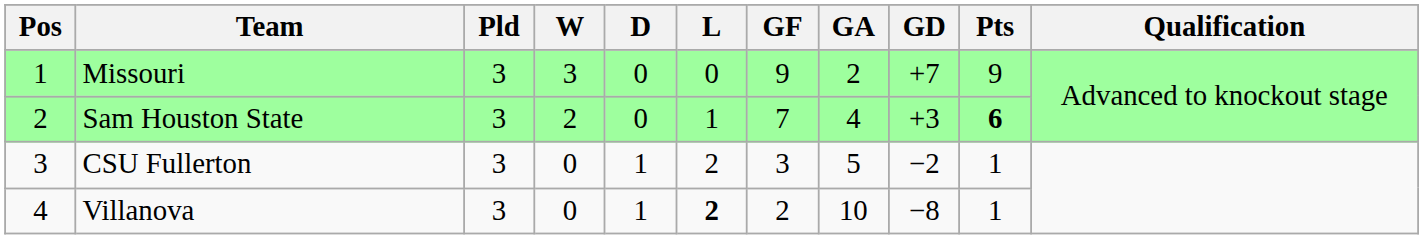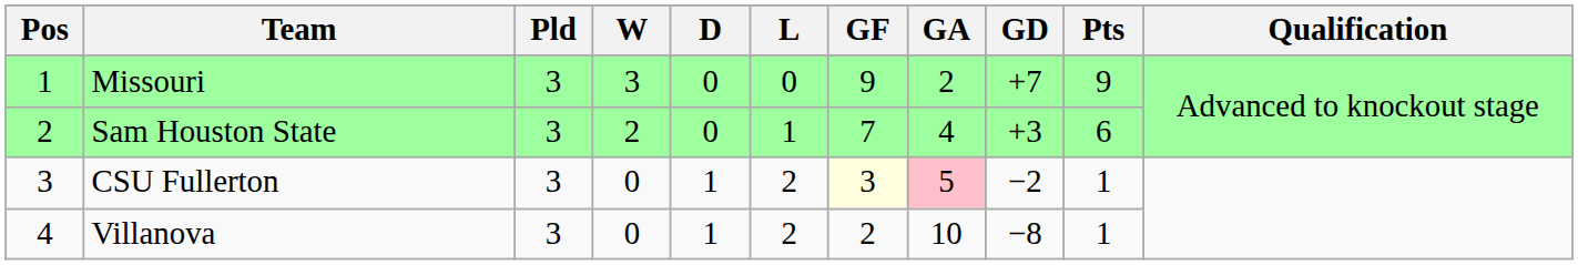 <table class="wikitable" style="text-align:center; margin: 1em auto">
 <tr>
 <th style="width:2em">Pos</th>
 <th style="width:13em">Team</th>
 <th style="width:2em">Pld</th>
 <th style="width:2em">W</th>
 <th style="width:2em">D</th>
 <th style="width:2em">L</th>
 <th style="width:2em">GF</th>
 <th style="width:2em">GA</th>
 <th style="width:2em">GD</th>
 <th style="width:2em">Pts</th>
 <th style="width:13em">Qualification</th>
 </tr>
 <tr bgcolor="#9eff9e">
 <td>1</td>
 <td style="text-align:left">Missouri</td>
 <td>3</td>
 <td>3</td>
 <td>0</td>
 <td>0</td>
 <td>9</td>
 <td>2</td>
 <td>+7</td>
 <td>9</td>
 <td rowspan="2">Advanced to knockout stage</td>
 </tr>
 <tr bgcolor="#9eff9e">
 <td>2</td>
 <td style="text-align:left">Sam Houston State</td>
 <td>3</td>
 <td>2</td>
 <td>0</td>
 <td>1</td>
 <td>7</td>
 <td>4</td>
 <td>+3</td>
-<td><strong>6</strong></td>
+<td>6</td>
 </tr>
 <tr>
 <td>3</td>
 <td style="text-align:left">CSU Fullerton</td>
 <td>3</td>
 <td>0</td>
 <td>1</td>
 <td>2</td>
-<td>3</td>
-<td>5</td>
+<td style="background: lightyellow;">3</td>
+<td style="background: pink;">5</td>
 <td>−2</td>
 <td>1</td>
 </tr>
 <tr>
 <td>4</td>
 <td style="text-align:left">Villanova</td>
 <td>3</td>
 <td>0</td>
 <td>1</td>
-<td><strong>2</strong></td>
+<td>2</td>
 <td>2</td>
 <td>10</td>
 <td>−8</td>
 <td>1</td>
 </tr>
 </table>
